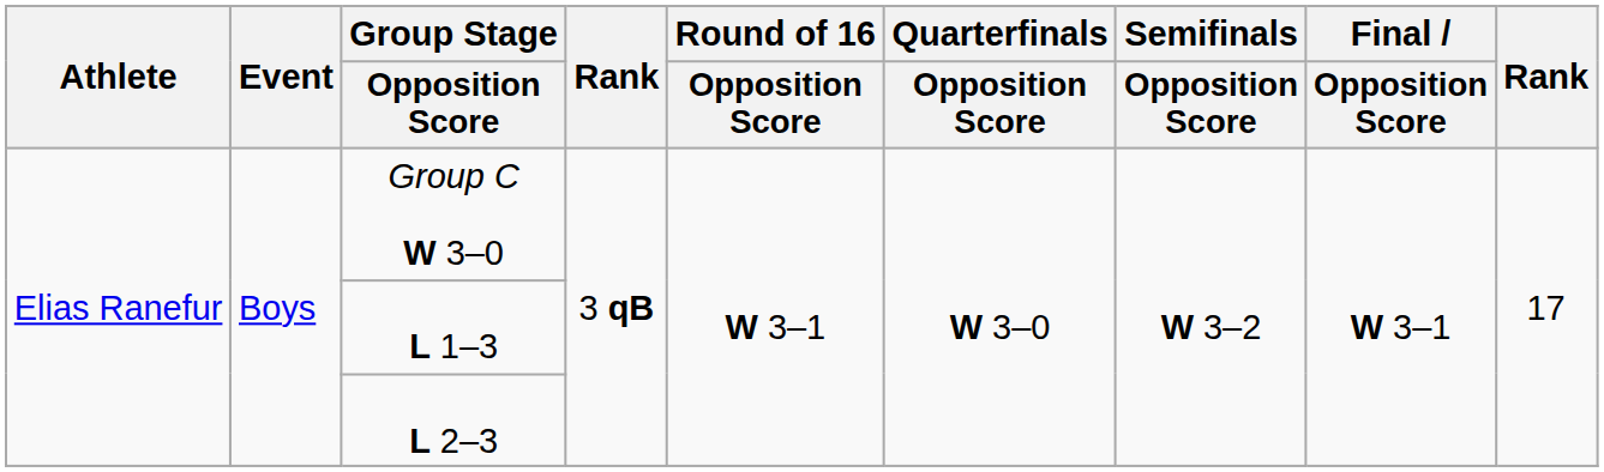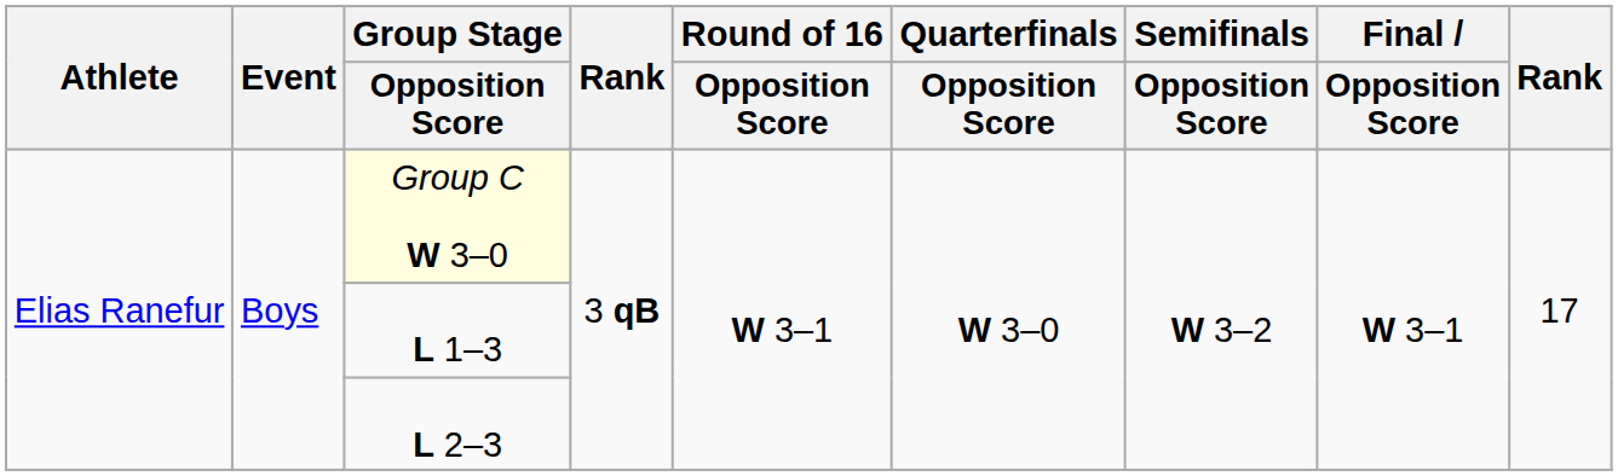 <table class=wikitable style="font-size:90%">
 <tr>
 <th rowspan="2">Athlete</th>
 <th rowspan="2">Event</th>
 <th>Group Stage</th>
 <th rowspan="2">Rank</th>
 <th>Round of 16</th>
 <th>Quarterfinals</th>
 <th>Semifinals</th>
 <th>Final / </th>
 <th rowspan=2>Rank</th>
 </tr>
 <tr style="font-size:95%">
 <th>Opposition<br>Score</th>
 <th>Opposition<br>Score</th>
 <th>Opposition<br>Score</th>
 <th>Opposition<br>Score</th>
 <th>Opposition<br>Score</th>
 </tr>
 <tr align=center>
 <td align=left rowspan=3><a href='#'>Elias Ranefur</a></td>
 <td align=left rowspan=3><a href='#'>Boys</a></td>
-<td><em>Group C</em><br><br><strong>W</strong> 3–0</td>
+<td style="background: lightyellow;"><em>Group C</em><br><br><strong>W</strong> 3–0</td>
 <td rowspan=3>3 <strong>qB</strong></td>
 <td rowspan=3><br><strong>W</strong> 3–1</td>
 <td rowspan=3><br><strong>W</strong> 3–0</td>
 <td rowspan=3><br><strong>W</strong> 3–2</td>
 <td rowspan=3><br><strong>W</strong> 3–1</td>
 <td rowspan=3>17</td>
 </tr>
 <tr align=center>
 <td><br><strong>L</strong> 1–3</td>
 </tr>
 <tr align=center>
 <td><br><strong>L</strong> 2–3</td>
 </tr>
 </table>
